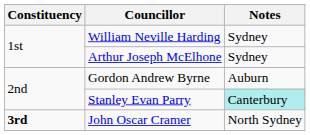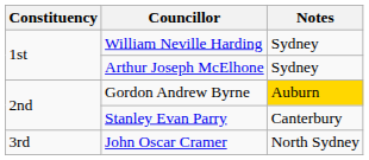 <table class="wikitable">
 <tr>
 <th>Constituency</th>
 <th>Councillor</th>
 <th>Notes</th>
 </tr>
 <tr>
 <td rowspan="2">1st</td>
 <td><a href='#'>William Neville Harding</a></td>
 <td>Sydney</td>
 </tr>
 <tr>
 <td><a href='#'>Arthur Joseph McElhone</a></td>
 <td>Sydney</td>
 </tr>
 <tr>
 <td rowspan="2">2nd</td>
 <td>Gordon Andrew Byrne</td>
-<td>Auburn</td>
+<td style="background: gold;">Auburn</td>
 </tr>
 <tr>
 <td><a href='#'>Stanley Evan Parry</a></td>
-<td style="background: paleturquoise;">Canterbury</td>
+<td>Canterbury</td>
 </tr>
 <tr>
-<td><strong>3rd</strong></td>
+<td>3rd</td>
 <td><a href='#'>John Oscar Cramer</a></td>
 <td>North Sydney</td>
 </tr>
 </table>
